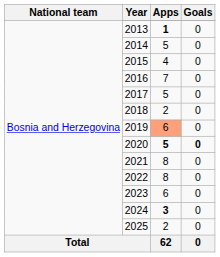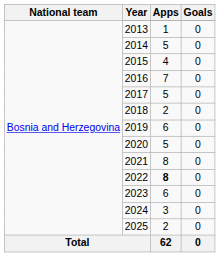 <table class="wikitable" style="text-align:center">
 <tr>
 <th>National team</th>
 <th>Year</th>
 <th>Apps</th>
 <th>Goals</th>
 </tr>
 <tr>
 <td rowspan=14><a href='#'>Bosnia and Herzegovina</a></td>
 </tr>
 <tr>
 <td>2013</td>
-<td><strong>1</strong></td>
+<td>1</td>
 <td>0</td>
 </tr>
 <tr>
 <td>2014</td>
 <td>5</td>
 <td>0</td>
 </tr>
 <tr>
 <td>2015</td>
 <td>4</td>
 <td>0</td>
 </tr>
 <tr>
 <td>2016</td>
 <td>7</td>
 <td>0</td>
 </tr>
 <tr>
 <td>2017</td>
 <td>5</td>
 <td>0</td>
 </tr>
 <tr>
 <td>2018</td>
 <td>2</td>
 <td>0</td>
 </tr>
 <tr>
 <td>2019</td>
-<td style="background: lightsalmon;">6</td>
+<td>6</td>
 <td>0</td>
 </tr>
 <tr>
 <td>2020</td>
-<td><strong>5</strong></td>
-<td><strong>0</strong></td>
+<td>5</td>
+<td>0</td>
 </tr>
 <tr>
 <td>2021</td>
 <td>8</td>
 <td>0</td>
 </tr>
 <tr>
 <td>2022</td>
-<td>8</td>
+<td><strong>8</strong></td>
 <td>0</td>
 </tr>
 <tr>
 <td>2023</td>
 <td>6</td>
 <td>0</td>
 </tr>
 <tr>
 <td>2024</td>
-<td><strong>3</strong></td>
+<td>3</td>
 <td>0</td>
 </tr>
 <tr>
 <td>2025</td>
 <td>2</td>
 <td>0</td>
 </tr>
 <tr>
 <th colspan=2>Total</th>
 <th>62</th>
 <th>0</th>
 </tr>
 </table>
